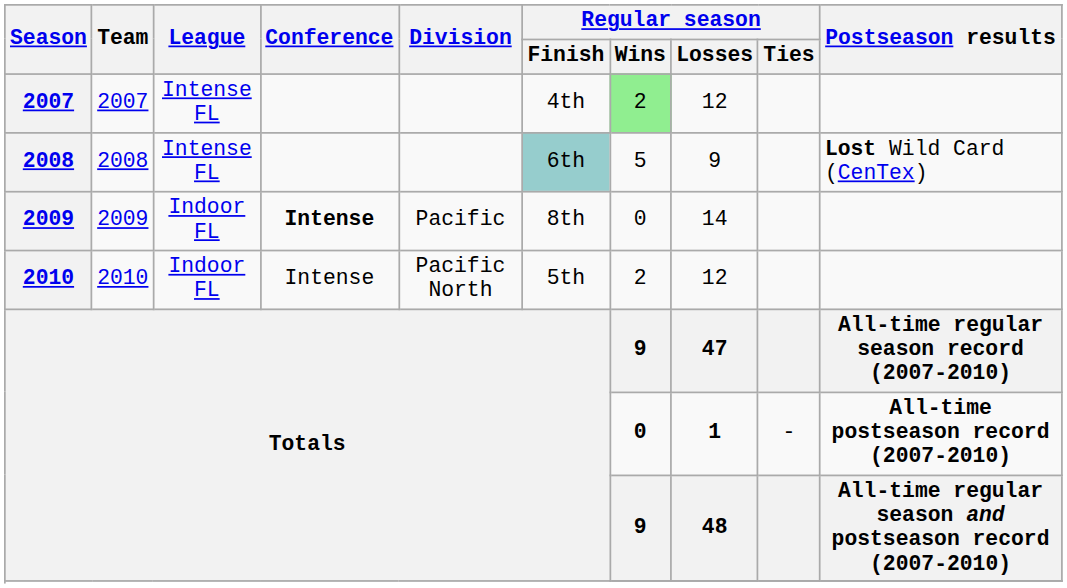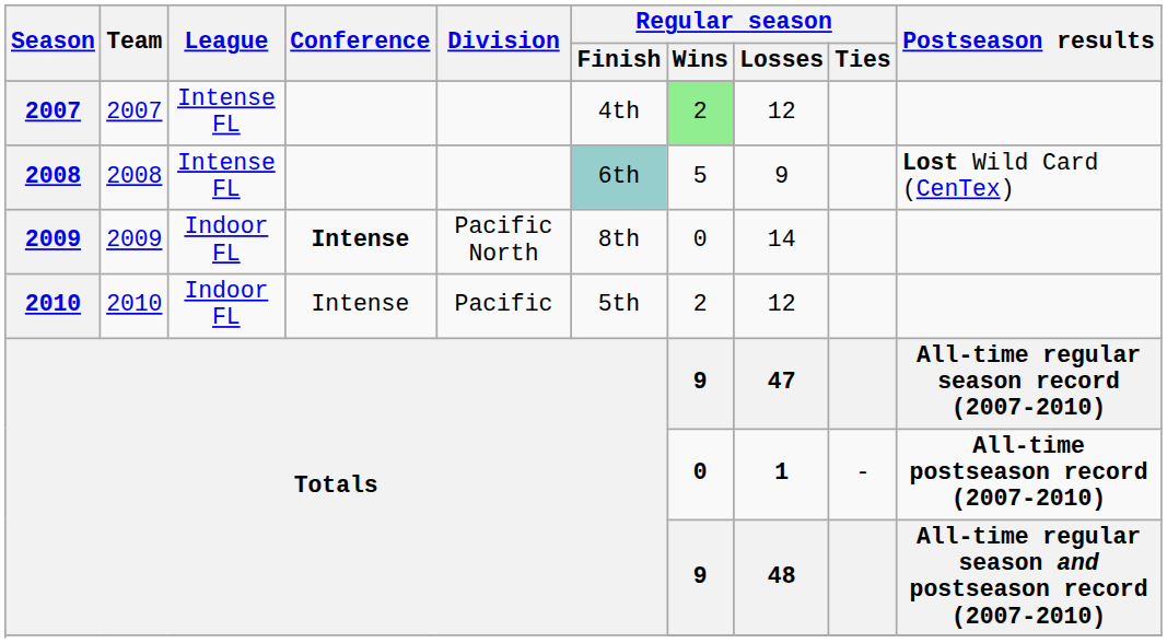 <table class="wikitable" style="font-size: 95%;">
 <tr>
 <th rowspan="2"><a href='#'>Season</a></th>
 <th rowspan="2">Team</th>
 <th rowspan="2"><a href='#'>League</a></th>
 <th rowspan="2"><a href='#'>Conference</a></th>
 <th rowspan="2"><a href='#'>Division</a></th>
 <th colspan="4"><a href='#'>Regular season</a></th>
 <th rowspan="2"><a href='#'>Postseason</a> results</th>
 </tr>
 <tr>
 <th>Finish</th>
 <th>Wins</th>
 <th>Losses</th>
 <th>Ties</th>
 </tr>
 <tr>
 <th style="text-align:center;"><a href='#'>2007</a></th>
 <td style="text-align:center;"><a href='#'>2007</a></td>
 <td style="text-align:center;"><a href='#'>Intense FL</a></td>
 <td style="text-align:center;"></td>
 <td style="text-align:center;"></td>
 <td style="text-align:center;">4th</td>
 <td style="background: lightgreen; text-align:center;">2</td>
 <td style="text-align:center;">12</td>
 <td style="text-align:center;"></td>
 <td></td>
 </tr>
 <tr>
 <th style="text-align:center;"><a href='#'>2008</a></th>
 <td style="text-align:center;"><a href='#'>2008</a></td>
 <td style="text-align:center;"><a href='#'>Intense FL</a></td>
 <td style="text-align:center;"></td>
 <td style="text-align:center;"></td>
 <td style="text-align:center; background:#96cdcd;">6th</td>
 <td style="text-align:center;">5</td>
 <td style="text-align:center;">9</td>
 <td style="text-align:center;"></td>
 <td><strong>Lost</strong> Wild Card (<a href='#'>CenTex</a>)</td>
 </tr>
 <tr>
 <th style="text-align:center;"><a href='#'>2009</a></th>
 <td style="text-align:center;"><a href='#'>2009</a></td>
 <td style="text-align:center;"><a href='#'>Indoor FL</a></td>
 <td style="text-align:center;"><strong>Intense</strong></td>
-<td style="text-align:center;">Pacific</td>
+<td style="text-align:center;">Pacific North</td>
 <td style="text-align:center;">8th</td>
 <td style="text-align:center;">0</td>
 <td style="text-align:center;">14</td>
 <td style="text-align:center;"></td>
 <td></td>
 </tr>
 <tr>
 <th style="text-align:center;"><a href='#'>2010</a></th>
 <td style="text-align:center;"><a href='#'>2010</a></td>
 <td style="text-align:center;"><a href='#'>Indoor FL</a></td>
 <td style="text-align:center;">Intense</td>
-<td style="text-align:center;">Pacific North</td>
+<td style="text-align:center;">Pacific</td>
 <td style="text-align:center;">5th</td>
 <td style="text-align:center;">2</td>
 <td style="text-align:center;">12</td>
 <td style="text-align:center;"></td>
 <td></td>
 </tr>
 <tr>
 <th style="text-align:center;" rowspan="5" colspan="6">Totals</th>
 <th style="text-align:center;"><strong>9</strong></th>
 <th style="text-align:center;"><strong>47</strong></th>
 <th style="text-align:center;"></th>
 <th style="text-align:center;" colspan="3"><strong>All-time regular season record (2007-2010)</strong></th>
 </tr>
 <tr style="text-align:center;">
 <td><strong>0</strong></td>
 <td><strong>1</strong></td>
 <td>-</td>
 <td colspan="3"><strong>All-time postseason record (2007-2010)</strong></td>
 </tr>
 <tr>
 <th style="text-align:center;"><strong>9</strong></th>
 <th style="text-align:center;"><strong>48</strong></th>
 <th style="text-align:center;"></th>
 <th style="text-align:center;" colspan="3"><strong>All-time regular season <em>and</em>  postseason record (2007-2010)</strong></th>
 </tr>
 <tr>
 </tr>
 </table>
